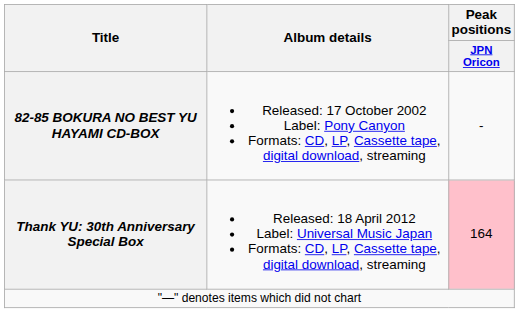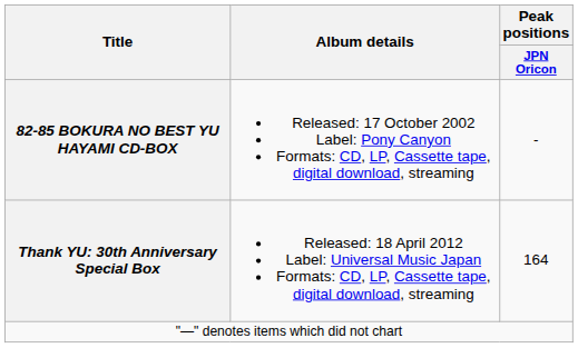 <table class="wikitable plainrowheaders" style="text-align:center;">
 <tr>
 <th style="width:15em;" rowspan="2">Title</th>
 <th style="width:18em;" rowspan="2">Album details</th>
 <th colspan="1">Peak positions</th>
 </tr>
 <tr>
 <th style="width:3em;font-size:85%"><a href='#'>JPN<br>Oricon</a><br></th>
 </tr>
 <tr>
 <th scope="row"><em>82-85 BOKURA NO BEST YU HAYAMI CD-BOX</em></th>
 <td><br><ul><li>Released: 17 October 2002</li><li>Label: <a href='#'>Pony Canyon</a></li><li>Formats: <a href='#'>CD</a>, <a href='#'>LP</a>, <a href='#'>Cassette tape</a>, <a href='#'>digital download</a>, streaming</li></ul></td>
 <td>-</td>
 </tr>
 <tr>
 <th scope="row"><em>Thank YU: 30th Anniversary Special Box</em></th>
 <td><br><ul><li>Released: 18 April 2012</li><li>Label: <a href='#'>Universal Music Japan</a></li><li>Formats: <a href='#'>CD</a>, <a href='#'>LP</a>, <a href='#'>Cassette tape</a>, <a href='#'>digital download</a>, streaming</li></ul></td>
-<td style="background: pink;">164</td>
+<td>164</td>
 </tr>
 <tr>
 <td colspan="11" align="center" style="font-size:90%;">"—" denotes items which did not chart</td>
 </tr>
 </table>
